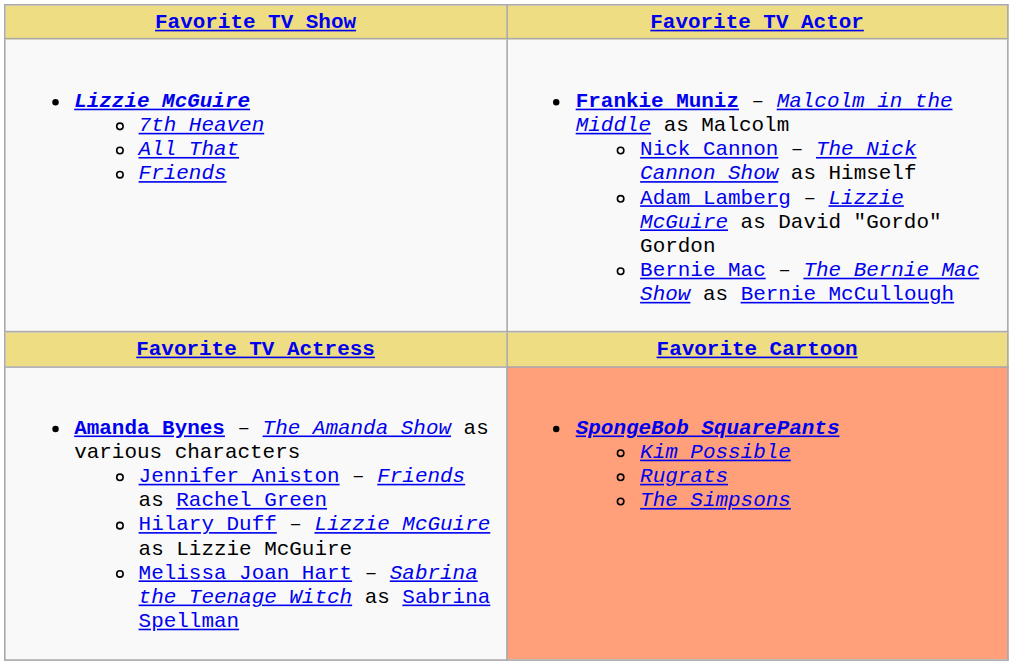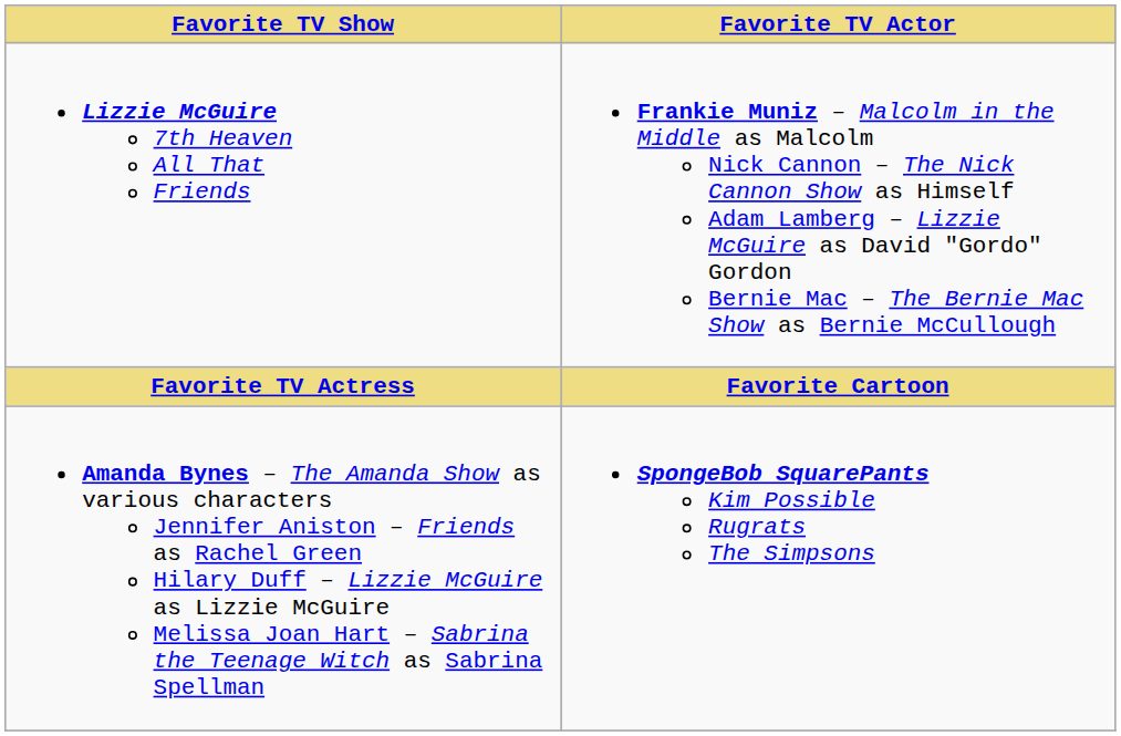 <table class="wikitable" style="width:100%">
 <tr>
 <th style="background:#EEDD82; width:50%"><a href='#'>Favorite TV Show</a></th>
 <th style="background:#EEDD82; width:50%"><a href='#'>Favorite TV Actor</a></th>
 </tr>
 <tr>
 <td valign="top"><br><ul><li><strong><em><a href='#'>Lizzie McGuire</a></em></strong><ul><li><em><a href='#'>7th Heaven</a></em></li><li><em><a href='#'>All That</a></em></li><li><em><a href='#'>Friends</a></em></li></ul></li></ul></td>
 <td valign="top"><br><ul><li><strong><a href='#'>Frankie Muniz</a></strong> – <em><a href='#'>Malcolm in the Middle</a></em> as Malcolm<ul><li><a href='#'>Nick Cannon</a> – <em><a href='#'>The Nick Cannon Show</a></em> as Himself</li><li><a href='#'>Adam Lamberg</a> – <em><a href='#'>Lizzie McGuire</a></em> as David "Gordo" Gordon</li><li><a href='#'>Bernie Mac</a> – <em><a href='#'>The Bernie Mac Show</a></em> as <a href='#'>Bernie McCullough</a></li></ul></li></ul></td>
 </tr>
 <tr>
 <th style="background:#EEDD82; width:50%"><a href='#'>Favorite TV Actress</a></th>
 <th style="background:#EEDD82; width:50%"><a href='#'>Favorite Cartoon</a></th>
 </tr>
 <tr>
 <td valign="top"><br><ul><li><strong><a href='#'>Amanda Bynes</a></strong> – <em><a href='#'>The Amanda Show</a></em> as various characters<ul><li><a href='#'>Jennifer Aniston</a> – <em><a href='#'>Friends</a></em> as <a href='#'>Rachel Green</a></li><li><a href='#'>Hilary Duff</a> – <em><a href='#'>Lizzie McGuire</a></em> as Lizzie McGuire</li><li><a href='#'>Melissa Joan Hart</a> – <em><a href='#'>Sabrina the Teenage Witch</a></em> as <a href='#'>Sabrina Spellman</a></li></ul></li></ul></td>
-<td valign="top" style="background: lightsalmon;"><br><ul><li><strong><em><a href='#'>SpongeBob SquarePants</a></em></strong><ul><li><em><a href='#'>Kim Possible</a></em></li><li><em><a href='#'>Rugrats</a></em></li><li><em><a href='#'>The Simpsons</a></em></li></ul></li></ul></td>
+<td valign="top"><br><ul><li><strong><em><a href='#'>SpongeBob SquarePants</a></em></strong><ul><li><em><a href='#'>Kim Possible</a></em></li><li><em><a href='#'>Rugrats</a></em></li><li><em><a href='#'>The Simpsons</a></em></li></ul></li></ul></td>
 </tr>
 </table>
